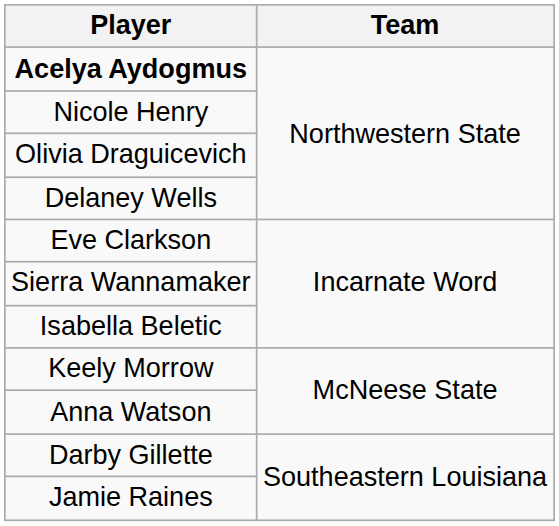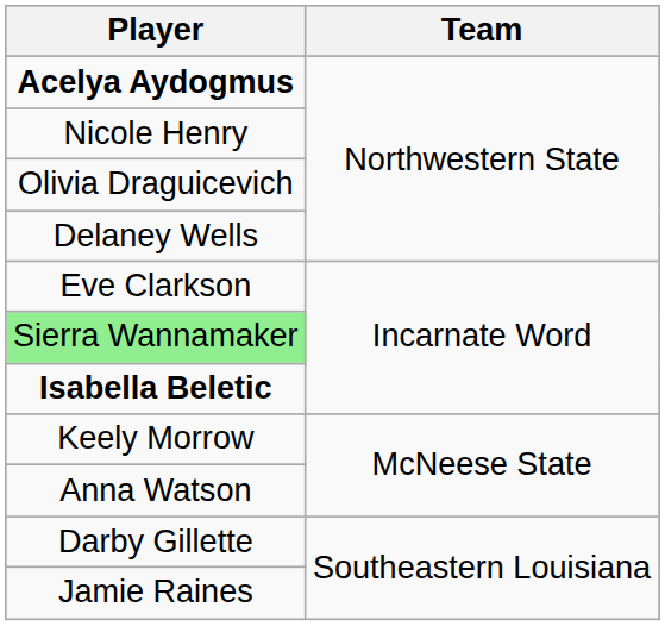 <table class="wikitable" style="text-align: center;">
 <tr>
 <th>Player</th>
 <th>Team</th>
 </tr>
 <tr>
 <td><strong>Acelya Aydogmus</strong></td>
 <td rowspan=4>Northwestern State</td>
 </tr>
 <tr>
 <td>Nicole Henry</td>
 </tr>
 <tr>
 <td>Olivia Draguicevich</td>
 </tr>
 <tr>
 <td>Delaney Wells</td>
 </tr>
 <tr>
 <td>Eve Clarkson</td>
 <td rowspan=3>Incarnate Word</td>
 </tr>
 <tr>
-<td>Sierra Wannamaker</td>
+<td style="background: lightgreen;">Sierra Wannamaker</td>
 </tr>
 <tr>
-<td>Isabella Beletic</td>
+<td><strong>Isabella Beletic</strong></td>
 </tr>
 <tr>
 <td>Keely Morrow</td>
 <td rowspan=2>McNeese State</td>
 </tr>
 <tr>
 <td>Anna Watson</td>
 </tr>
 <tr>
 <td>Darby Gillette</td>
 <td rowspan=2>Southeastern Louisiana</td>
 </tr>
 <tr>
 <td>Jamie Raines</td>
 </tr>
 </table>
